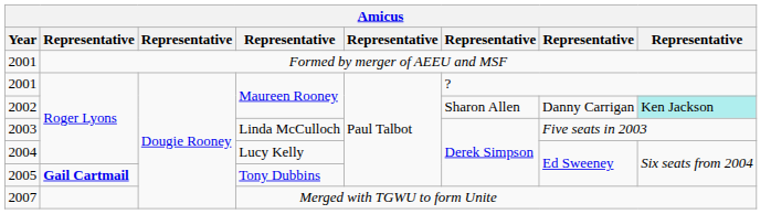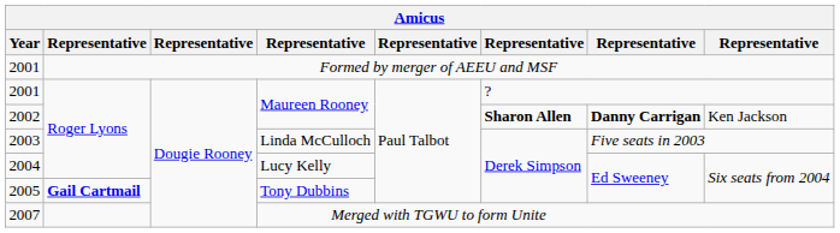 <table class="wikitable">
 <tr>
 <th colspan=8><a href='#'>Amicus</a></th>
 </tr>
 <tr>
 <th>Year</th>
 <th>Representative</th>
 <th>Representative</th>
 <th>Representative</th>
 <th>Representative</th>
 <th>Representative</th>
 <th>Representative</th>
 <th>Representative</th>
 </tr>
 <tr>
 <td>2001</td>
 <td colspan=7 align="center"><em>Formed by merger of AEEU and MSF</em></td>
 </tr>
 <tr>
 <td>2001</td>
 <td rowspan=4><a href='#'>Roger Lyons</a></td>
 <td rowspan=6><a href='#'>Dougie Rooney</a></td>
 <td rowspan=2><a href='#'>Maureen Rooney</a></td>
 <td rowspan=5>Paul Talbot</td>
 <td colspan=3>?</td>
 </tr>
 <tr>
 <td>2002</td>
-<td>Sharon Allen</td>
-<td>Danny Carrigan</td>
-<td style="background: paleturquoise;">Ken Jackson</td>
+<td><strong>Sharon Allen</strong></td>
+<td><strong>Danny Carrigan</strong></td>
+<td>Ken Jackson</td>
 </tr>
 <tr>
 <td>2003</td>
 <td>Linda McCulloch</td>
 <td rowspan=3><a href='#'>Derek Simpson</a></td>
 <td colspan=2><em>Five seats in 2003</em></td>
 </tr>
 <tr>
 <td>2004</td>
 <td>Lucy Kelly</td>
 <td rowspan=2><a href='#'>Ed Sweeney</a></td>
 <td rowspan=2><em>Six seats from 2004</em></td>
 </tr>
 <tr>
 <td>2005</td>
 <td><strong><a href='#'>Gail Cartmail</a></strong></td>
 <td><a href='#'>Tony Dubbins</a></td>
 </tr>
 <tr>
 <td>2007</td>
 <td colspan=7 align="center"><em>Merged with TGWU to form Unite</em></td>
 </tr>
 </table>
